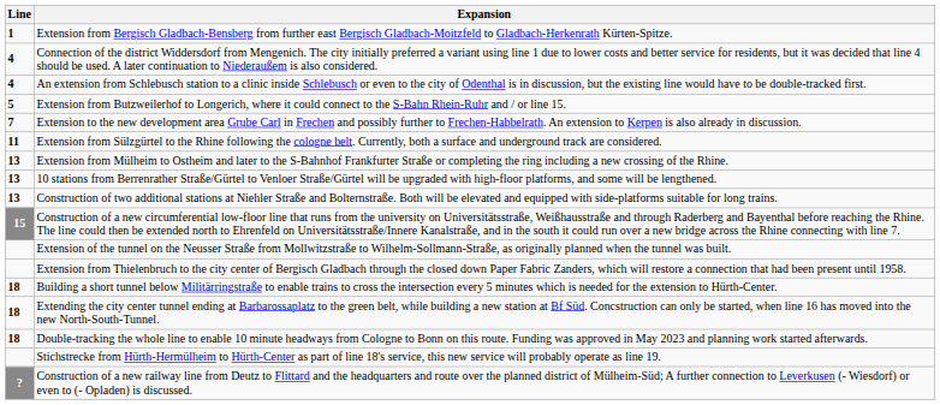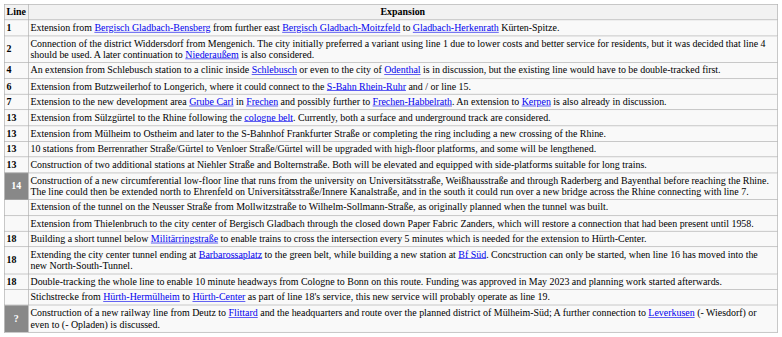 <table class="wikitable">
 <tr>
 <th>Line</th>
 <th>Expansion</th>
 </tr>
 <tr>
 <td style="background:#"><strong>1</strong></td>
 <td>Extension from <a href='#'>Bergisch Gladbach-Bensberg</a> from further east <a href='#'>Bergisch Gladbach-Moitzfeld</a> to <a href='#'>Gladbach-Herkenrath</a> Kürten-Spitze.</td>
 </tr>
 <tr>
-<td style="background:#"><strong>4</strong></td>
+<td style="background:#"><strong>2</strong></td>
 <td>Connection of the district Widdersdorf from Mengenich. The city initially preferred a variant using line 1 due to lower costs and better service for residents, but it was decided that line 4 should be used. A later continuation to <a href='#'>Niederaußem</a> is also considered.</td>
 </tr>
 <tr>
 <td style="background:#"><strong>4</strong></td>
 <td>An extension from Schlebusch station to a clinic inside <a href='#'>Schlebusch</a> or even to the city of <a href='#'>Odenthal</a> is in discussion, but the existing line would have to be double-tracked first.</td>
 </tr>
 <tr>
-<td style="background:#"><strong>5</strong></td>
+<td style="background:#"><strong>6</strong></td>
 <td>Extension from Butzweilerhof to Longerich, where it could connect to the <a href='#'>S-Bahn Rhein-Ruhr</a> and / or line 15.</td>
 </tr>
 <tr>
 <td style="background:#"><strong>7</strong></td>
 <td>Extension to the new development area <a href='#'>Grube Carl</a> in <a href='#'>Frechen</a> and possibly further to <a href='#'>Frechen-Habbelrath</a>. An extension to <a href='#'>Kerpen</a> is also already in discussion.</td>
 </tr>
 <tr>
-<td style="background:#"><strong>11</strong></td>
+<td style="background:#"><strong>13</strong></td>
 <td>Extension from Sülzgürtel to the Rhine following the <a href='#'>cologne belt</a>. Currently, both a surface and underground track are considered.</td>
 </tr>
 <tr>
 <td style="background:#"><strong>13</strong></td>
 <td>Extension from Mülheim to Ostheim and later to the S-Bahnhof Frankfurter Straße or completing the ring including a new crossing of the Rhine.</td>
 </tr>
 <tr>
 <td style="background:#"><strong>13</strong></td>
 <td>10 stations from Berrenrather Straße/Gürtel to Venloer Straße/Gürtel will be upgraded with high-floor platforms, and some will be lengthened.</td>
 </tr>
 <tr>
 <td style="background:#"><strong>13</strong></td>
 <td>Construction of two additional stations at Niehler Straße and Bolternstraße. Both will be elevated and equipped with side-platforms suitable for  long trains.</td>
 </tr>
 <tr>
-<td style="background:#888; color:#fff; text-align:center;"><strong>15</strong></td>
+<td style="background:#888; color:#fff; text-align:center;"><strong>14</strong></td>
 <td>Construction of a new circumferential low-floor line that runs from the university on Universitätsstraße, Weißhausstraße and through Raderberg and Bayenthal before reaching the Rhine. The line could then be extended north to Ehrenfeld on Universitätsstraße/Innere Kanalstraße, and in the south it could run over a new bridge across the Rhine connecting with line 7.</td>
 </tr>
 <tr>
 <td></td>
 <td>Extension of the tunnel on the Neusser Straße from Mollwitzstraße to Wilhelm-Sollmann-Straße, as originally planned when the tunnel was built.</td>
 </tr>
 <tr>
 <td></td>
 <td>Extension from Thielenbruch to the city center of Bergisch Gladbach through the closed down Paper Fabric Zanders, which will restore a connection that had been present until 1958.</td>
 </tr>
 <tr>
 <td style="background:#"><strong>18</strong></td>
 <td>Building a short tunnel below <a href='#'>Militärringstraße</a> to enable trains to cross the intersection every 5 minutes which is needed for the extension to Hürth-Center.</td>
 </tr>
 <tr>
 <td style="background:#"><strong>18</strong></td>
 <td>Extending the city center tunnel ending at <a href='#'>Barbarossaplatz</a> to the green belt, while building a new station at <a href='#'>Bf Süd</a>. Concstruction can only be started, when line 16 has moved into the new North-South-Tunnel.</td>
 </tr>
 <tr>
 <td style="background:#"><strong>18</strong></td>
 <td>Double-tracking the whole line to enable 10 minute headways from Cologne to Bonn on this route. Funding was approved in May 2023 and planning work started afterwards.</td>
 </tr>
 <tr>
 <td></td>
 <td>Stichstrecke from <a href='#'>Hürth-Hermülheim</a> to <a href='#'>Hürth-Center</a> as part of line 18's service, this new service will probably operate as line 19.</td>
 </tr>
 <tr>
 <td style="background:#888; color:#fff; text-align:center;"><strong>?</strong></td>
 <td>Construction of a new railway line from Deutz to <a href='#'>Flittard</a> and the headquarters and route over the planned district of Mülheim-Süd; A further connection to <a href='#'>Leverkusen</a> (- Wiesdorf) or even to (- Opladen) is discussed.</td>
 </tr>
 </table>
